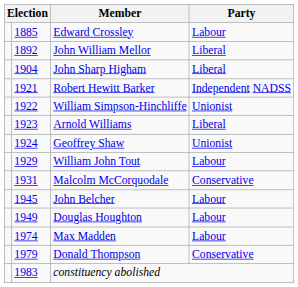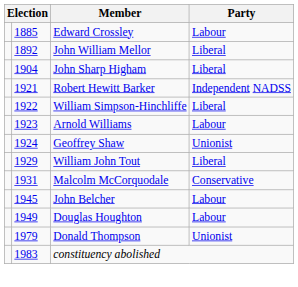 <table class="wikitable">
 <tr>
 <th colspan="2">Election</th>
 <th>Member</th>
 <th>Party</th>
 </tr>
 <tr>
 <td style="color:inherit;background-color: "></td>
 <td><a href='#'>1885</a></td>
 <td><a href='#'>Edward Crossley</a></td>
 <td><a href='#'>Labour</a></td>
 </tr>
 <tr>
 <td style="color:inherit;background-color: "></td>
 <td><a href='#'>1892</a></td>
 <td><a href='#'>John William Mellor</a></td>
 <td><a href='#'>Liberal</a></td>
 </tr>
 <tr>
 <td style="color:inherit;background-color: "></td>
 <td><a href='#'>1904</a></td>
 <td><a href='#'>John Sharp Higham</a></td>
 <td><a href='#'>Liberal</a></td>
 </tr>
 <tr>
 <td style="color:inherit;background-color: "></td>
 <td><a href='#'>1921</a></td>
 <td><a href='#'>Robert Hewitt Barker</a></td>
 <td><a href='#'>Independent</a> <a href='#'>NADSS</a></td>
 </tr>
 <tr>
 <td style="color:inherit;background-color: "></td>
 <td><a href='#'>1922</a></td>
 <td><a href='#'>William Simpson-Hinchliffe</a></td>
-<td><a href='#'>Unionist</a></td>
+<td><a href='#'>Liberal</a></td>
 </tr>
 <tr>
 <td style="color:inherit;background-color: "></td>
 <td><a href='#'>1923</a></td>
 <td><a href='#'>Arnold Williams</a></td>
-<td><a href='#'>Liberal</a></td>
+<td><a href='#'>Labour</a></td>
 </tr>
 <tr>
 <td style="color:inherit;background-color: "></td>
 <td><a href='#'>1924</a></td>
 <td><a href='#'>Geoffrey Shaw</a></td>
 <td><a href='#'>Unionist</a></td>
 </tr>
 <tr>
 <td style="color:inherit;background-color: "></td>
 <td><a href='#'>1929</a></td>
 <td><a href='#'>William John Tout</a></td>
-<td><a href='#'>Labour</a></td>
+<td><a href='#'>Liberal</a></td>
 </tr>
 <tr>
 <td style="color:inherit;background-color: "></td>
 <td><a href='#'>1931</a></td>
 <td><a href='#'>Malcolm McCorquodale</a></td>
 <td><a href='#'>Conservative</a></td>
 </tr>
 <tr>
 <td style="color:inherit;background-color: "></td>
 <td><a href='#'>1945</a></td>
 <td><a href='#'>John Belcher</a></td>
 <td><a href='#'>Labour</a></td>
 </tr>
 <tr>
 <td style="color:inherit;background-color: "></td>
 <td><a href='#'>1949</a></td>
 <td><a href='#'>Douglas Houghton</a></td>
 <td><a href='#'>Labour</a></td>
 </tr>
 <tr>
 <td style="color:inherit;background-color: "></td>
-<td><a href='#'>1974</a></td>
-<td><a href='#'>Max Madden</a></td>
-<td><a href='#'>Labour</a></td>
-</tr>
-<tr>
-<td style="color:inherit;background-color: "></td>
 <td><a href='#'>1979</a></td>
 <td><a href='#'>Donald Thompson</a></td>
-<td><a href='#'>Conservative</a></td>
+<td><a href='#'>Unionist</a></td>
 </tr>
 <tr>
 <td></td>
 <td><a href='#'>1983</a></td>
 <td colspan="2"><em>constituency abolished</em></td>
 </tr>
 </table>
